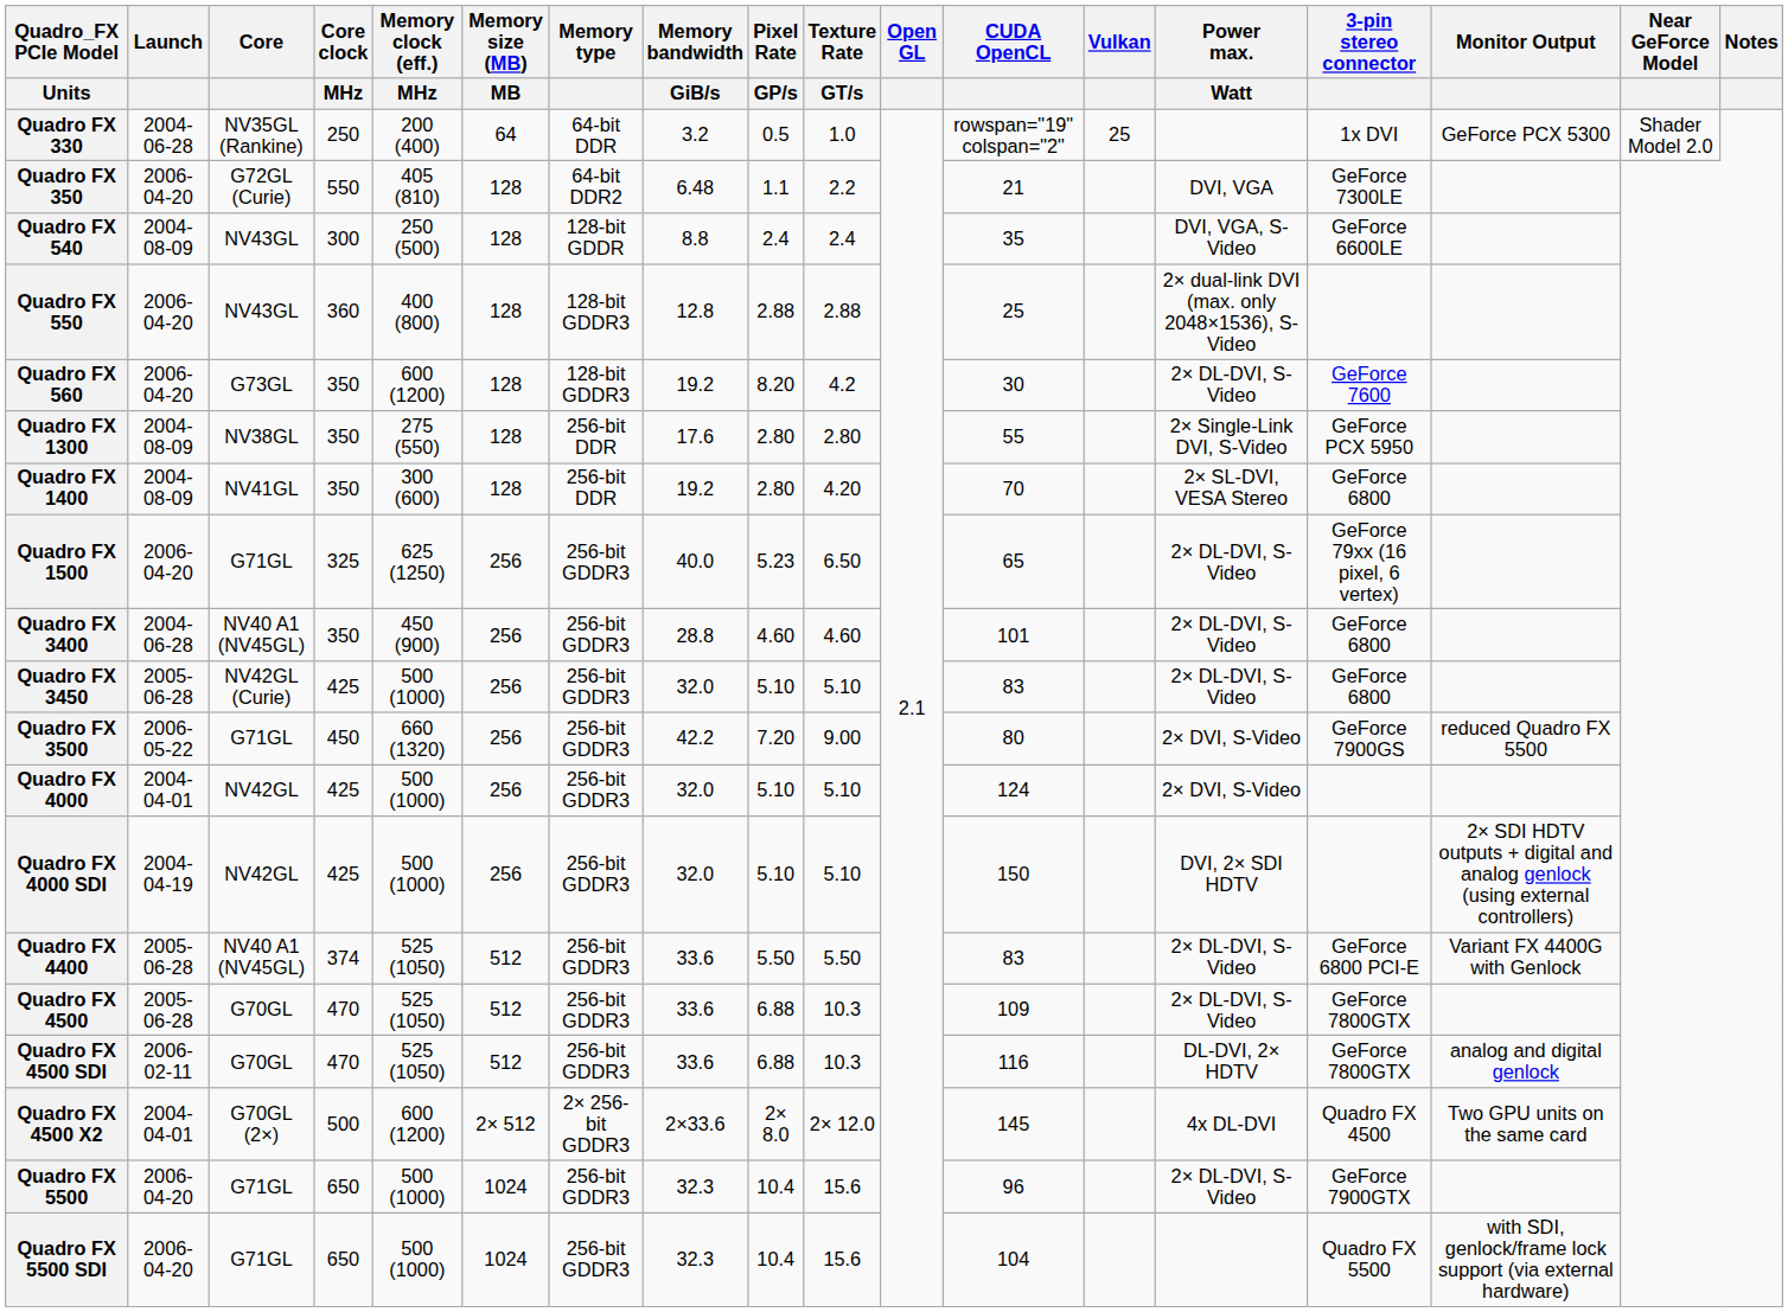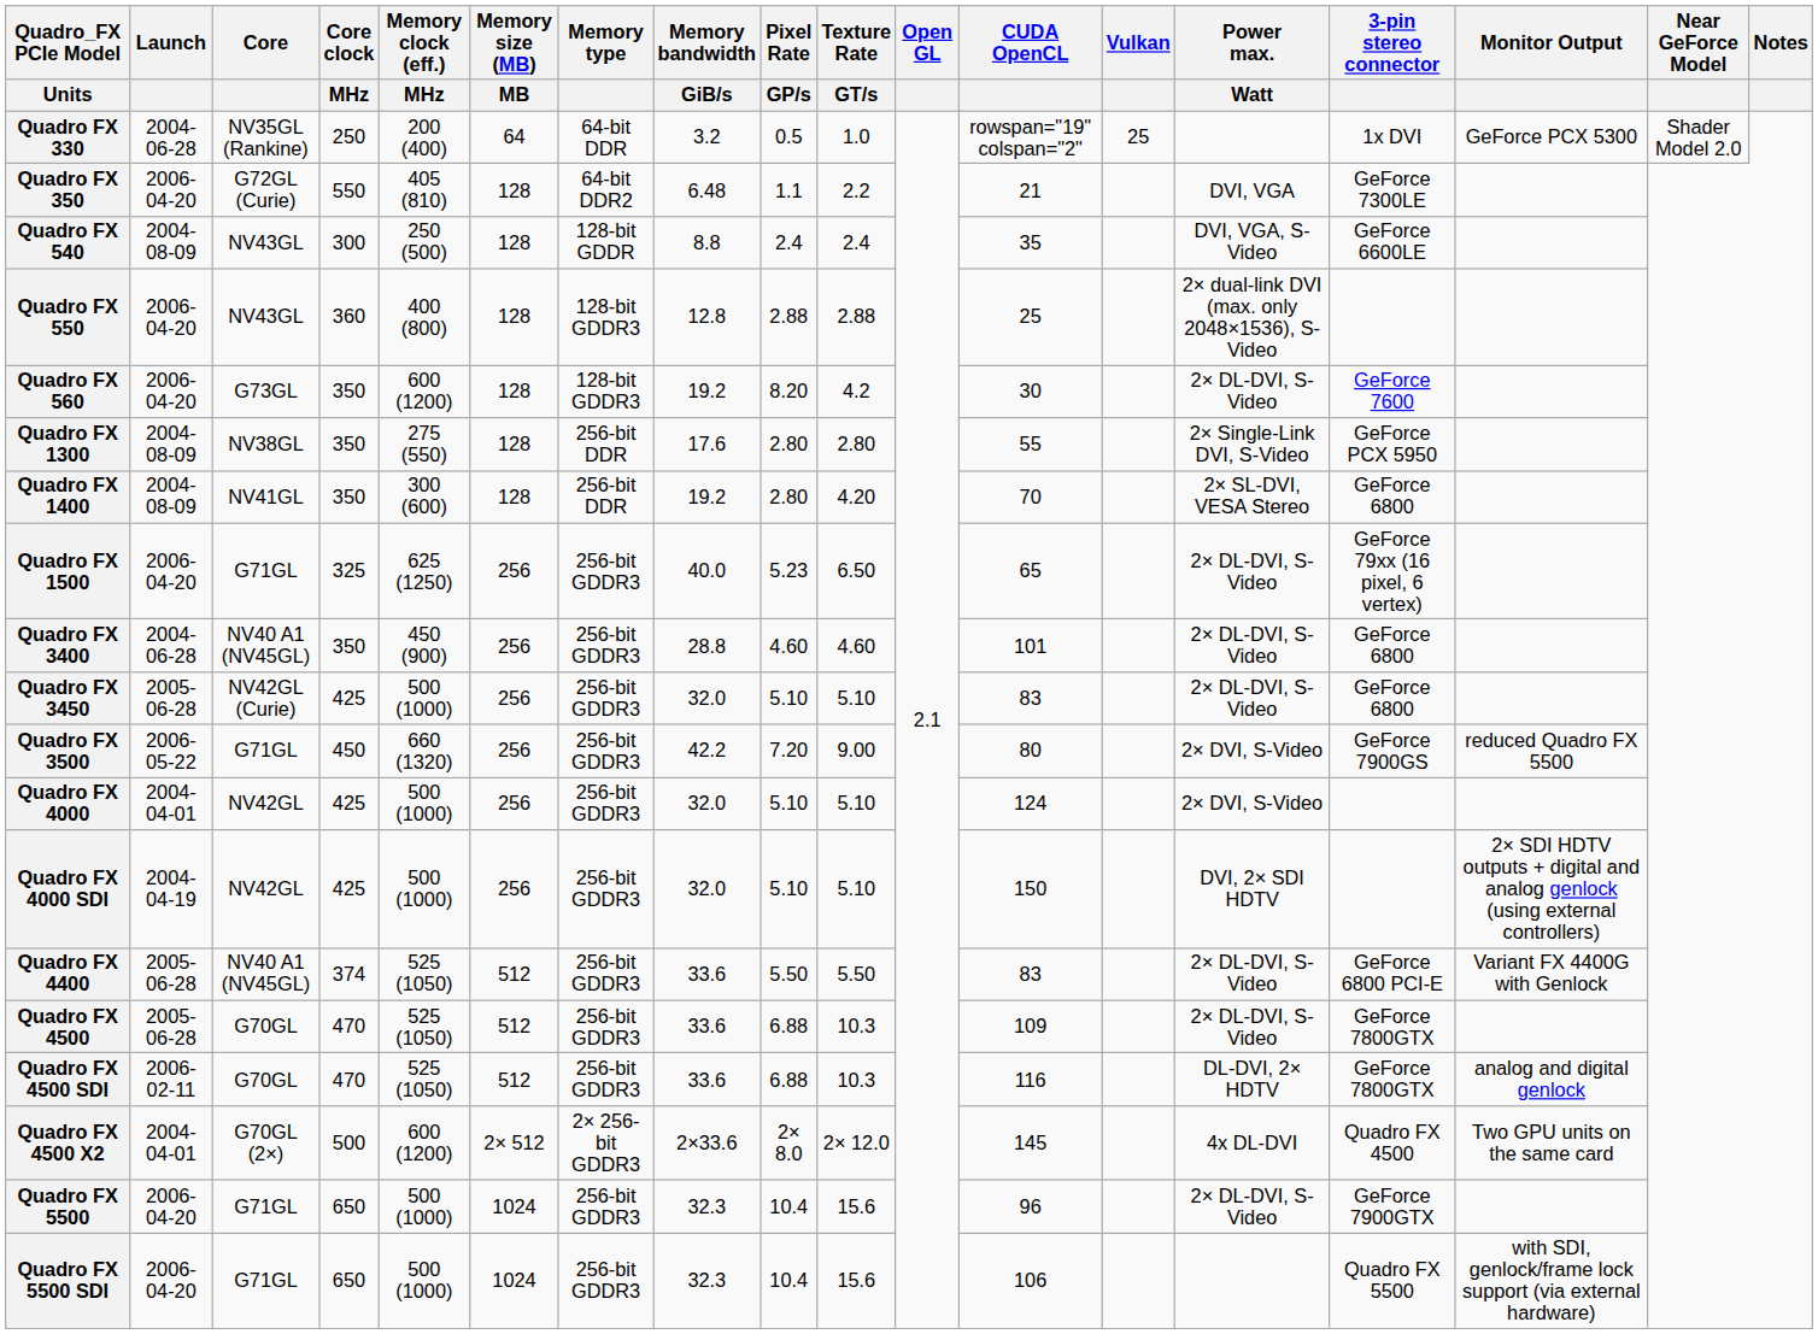 <table class="wikitable sortable" style="font-size:85%; text-align: center;">
 <tr>
 <th>Quadro_FX<br>PCIe Model</th>
 <th>Launch</th>
 <th>Core</th>
 <th>Core<br>clock<br></th>
 <th>Memory clock<br> (eff.)</th>
 <th>Memory size<br>(<a href='#'>MB</a>)</th>
 <th>Memory type</th>
 <th>Memory<br>bandwidth<br></th>
 <th>Pixel<br>Rate</th>
 <th>Texture<br>Rate</th>
 <th><a href='#'>Open GL</a></th>
 <th><a href='#'>CUDA</a> <br> <a href='#'>OpenCL</a></th>
 <th><a href='#'>Vulkan</a></th>
 <th>Power<br>max.<br></th>
 <th><a href='#'>3-pin<br>stereo<br>connector</a></th>
 <th>Monitor Output</th>
 <th>Near GeForce Model</th>
 <th>Notes</th>
 </tr>
 <tr>
 <th>Units</th>
 <th></th>
 <th></th>
 <th>MHz</th>
 <th>MHz</th>
 <th>MB</th>
 <th></th>
 <th>GiB/s</th>
 <th>GP/s</th>
 <th>GT/s</th>
 <th></th>
 <th></th>
 <th></th>
 <th>Watt</th>
 <th></th>
 <th></th>
 <th></th>
 <th></th>
 </tr>
 <tr>
 <th>Quadro FX 330</th>
 <td>2004-06-28</td>
 <td>NV35GL (Rankine)</td>
 <td>250</td>
 <td>200 (400)</td>
 <td>64</td>
 <td>64-bit DDR</td>
 <td>3.2</td>
 <td>0.5</td>
 <td>1.0</td>
 <td rowspan="19">2.1</td>
 <td>rowspan="19" colspan="2" </td>
 <td>25</td>
 <td></td>
 <td>1x DVI</td>
 <td>GeForce PCX 5300</td>
 <td>Shader Model 2.0</td>
 </tr>
 <tr>
 <th>Quadro FX 350</th>
 <td>2006-04-20</td>
 <td>G72GL (Curie)</td>
 <td>550</td>
 <td>405 (810)</td>
 <td>128</td>
 <td>64-bit DDR2</td>
 <td>6.48</td>
 <td>1.1</td>
 <td>2.2</td>
 <td>21</td>
 <td></td>
 <td>DVI, VGA</td>
 <td>GeForce 7300LE</td>
 <td></td>
 </tr>
 <tr>
 <th>Quadro FX 540</th>
 <td>2004-08-09</td>
 <td>NV43GL</td>
 <td>300</td>
 <td>250 (500)</td>
 <td>128</td>
 <td>128-bit GDDR</td>
 <td>8.8</td>
 <td>2.4</td>
 <td>2.4</td>
 <td>35</td>
 <td></td>
 <td>DVI, VGA, S-Video</td>
 <td>GeForce 6600LE</td>
 <td></td>
 </tr>
 <tr>
 <th>Quadro FX 550</th>
 <td>2006-04-20</td>
 <td>NV43GL</td>
 <td>360</td>
 <td>400 (800)</td>
 <td>128</td>
 <td>128-bit GDDR3</td>
 <td>12.8</td>
 <td>2.88</td>
 <td>2.88</td>
 <td>25</td>
 <td></td>
 <td>2× dual-link DVI (max. only 2048×1536), S-Video</td>
 <td></td>
 <td></td>
 </tr>
 <tr>
 <th>Quadro FX 560</th>
 <td>2006-04-20</td>
 <td>G73GL</td>
 <td>350</td>
 <td>600 (1200)</td>
 <td>128</td>
 <td>128-bit GDDR3</td>
 <td>19.2</td>
 <td>8.20</td>
 <td>4.2</td>
 <td>30</td>
 <td></td>
 <td>2× DL-DVI, S-Video</td>
 <td><a href='#'>GeForce 7600</a></td>
 <td></td>
 </tr>
 <tr>
 <th>Quadro FX 1300</th>
 <td>2004-08-09</td>
 <td>NV38GL</td>
 <td>350</td>
 <td>275 (550)</td>
 <td>128</td>
 <td>256-bit DDR</td>
 <td>17.6</td>
 <td>2.80</td>
 <td>2.80</td>
 <td>55</td>
 <td></td>
 <td>2× Single-Link DVI, S-Video</td>
 <td>GeForce PCX 5950</td>
 <td></td>
 </tr>
 <tr>
 <th>Quadro FX 1400</th>
 <td>2004-08-09</td>
 <td>NV41GL</td>
 <td>350</td>
 <td>300 (600)</td>
 <td>128</td>
 <td>256-bit DDR</td>
 <td>19.2</td>
 <td>2.80</td>
 <td>4.20</td>
 <td>70</td>
 <td></td>
 <td>2× SL-DVI, VESA Stereo</td>
 <td>GeForce 6800</td>
 <td></td>
 </tr>
 <tr>
 <th>Quadro FX 1500</th>
 <td>2006-04-20</td>
 <td>G71GL</td>
 <td>325</td>
 <td>625 (1250)</td>
 <td>256</td>
 <td>256-bit GDDR3</td>
 <td>40.0</td>
 <td>5.23</td>
 <td>6.50</td>
 <td>65</td>
 <td></td>
 <td>2× DL-DVI, S-Video</td>
 <td>GeForce 79xx (16 pixel, 6 vertex)</td>
 <td></td>
 </tr>
 <tr>
 <th>Quadro FX 3400</th>
 <td>2004-06-28</td>
 <td>NV40 A1 (NV45GL)</td>
 <td>350</td>
 <td>450 (900)</td>
 <td>256</td>
 <td>256-bit GDDR3</td>
 <td>28.8</td>
 <td>4.60</td>
 <td>4.60</td>
 <td>101</td>
 <td></td>
 <td>2× DL-DVI, S-Video</td>
 <td>GeForce 6800</td>
 <td></td>
 </tr>
 <tr>
 <th>Quadro FX 3450</th>
 <td>2005-06-28</td>
 <td>NV42GL (Curie)</td>
 <td>425</td>
 <td>500 (1000)</td>
 <td>256</td>
 <td>256-bit GDDR3</td>
 <td>32.0</td>
 <td>5.10</td>
 <td>5.10</td>
 <td>83</td>
 <td></td>
 <td>2× DL-DVI, S-Video</td>
 <td>GeForce 6800</td>
 <td></td>
 </tr>
 <tr>
 <th>Quadro FX 3500</th>
 <td>2006-05-22</td>
 <td>G71GL</td>
 <td>450</td>
 <td>660 (1320)</td>
 <td>256</td>
 <td>256-bit GDDR3</td>
 <td>42.2</td>
 <td>7.20</td>
 <td>9.00</td>
 <td>80</td>
 <td></td>
 <td>2× DVI, S-Video</td>
 <td>GeForce 7900GS</td>
 <td>reduced Quadro FX 5500</td>
 </tr>
 <tr>
 <th>Quadro FX 4000</th>
 <td>2004-04-01</td>
 <td>NV42GL</td>
 <td>425</td>
 <td>500 (1000)</td>
 <td>256</td>
 <td>256-bit GDDR3</td>
 <td>32.0</td>
 <td>5.10</td>
 <td>5.10</td>
 <td>124</td>
 <td></td>
 <td>2× DVI, S-Video</td>
 <td></td>
 <td></td>
 </tr>
 <tr>
 <th>Quadro FX 4000 SDI</th>
 <td>2004-04-19</td>
 <td>NV42GL</td>
 <td>425</td>
 <td>500 (1000)</td>
 <td>256</td>
 <td>256-bit GDDR3</td>
 <td>32.0</td>
 <td>5.10</td>
 <td>5.10</td>
 <td>150</td>
 <td></td>
 <td>DVI, 2× SDI HDTV</td>
 <td></td>
 <td>2× SDI HDTV outputs + digital and analog <a href='#'>genlock</a> (using external controllers)</td>
 </tr>
 <tr>
 <th>Quadro FX 4400</th>
 <td>2005-06-28</td>
 <td>NV40 A1 (NV45GL)</td>
 <td>374</td>
 <td>525 (1050)</td>
 <td>512</td>
 <td>256-bit GDDR3</td>
 <td>33.6</td>
 <td>5.50</td>
 <td>5.50</td>
 <td>83</td>
 <td></td>
 <td>2× DL-DVI, S-Video</td>
 <td>GeForce 6800 PCI-E</td>
 <td>Variant FX 4400G with Genlock</td>
 </tr>
 <tr>
 <th>Quadro FX 4500</th>
 <td>2005-06-28</td>
 <td>G70GL</td>
 <td>470</td>
 <td>525 (1050)</td>
 <td>512</td>
 <td>256-bit GDDR3</td>
 <td>33.6</td>
 <td>6.88</td>
 <td>10.3</td>
 <td>109</td>
 <td></td>
 <td>2× DL-DVI, S-Video</td>
 <td>GeForce 7800GTX</td>
 <td></td>
 </tr>
 <tr>
 <th>Quadro FX 4500 SDI</th>
 <td>2006-02-11</td>
 <td>G70GL</td>
 <td>470</td>
 <td>525 (1050)</td>
 <td>512</td>
 <td>256-bit GDDR3</td>
 <td>33.6</td>
 <td>6.88</td>
 <td>10.3</td>
 <td>116</td>
 <td></td>
 <td>DL-DVI, 2× HDTV</td>
 <td>GeForce 7800GTX</td>
 <td>analog and digital <a href='#'>genlock</a></td>
 </tr>
 <tr>
 <th>Quadro FX 4500 X2</th>
 <td>2004-04-01</td>
 <td>G70GL (2×)</td>
 <td>500</td>
 <td>600 (1200)</td>
 <td>2× 512</td>
 <td>2× 256-bit GDDR3</td>
 <td>2×33.6</td>
 <td>2× 8.0</td>
 <td>2× 12.0</td>
 <td>145</td>
 <td></td>
 <td>4x DL-DVI</td>
 <td>Quadro FX 4500</td>
 <td>Two GPU units on the same card</td>
 </tr>
 <tr>
 <th>Quadro FX 5500</th>
 <td>2006-04-20</td>
 <td>G71GL</td>
 <td>650</td>
 <td>500 (1000)</td>
 <td>1024</td>
 <td>256-bit GDDR3</td>
 <td>32.3</td>
 <td>10.4</td>
 <td>15.6</td>
 <td>96</td>
 <td></td>
 <td>2× DL-DVI, S-Video</td>
 <td>GeForce 7900GTX</td>
 <td></td>
 </tr>
 <tr>
 <th>Quadro FX 5500 SDI</th>
 <td>2006-04-20</td>
 <td>G71GL</td>
 <td>650</td>
 <td>500 (1000)</td>
 <td>1024</td>
 <td>256-bit GDDR3</td>
 <td>32.3</td>
 <td>10.4</td>
 <td>15.6</td>
-<td>104</td>
+<td>106</td>
 <td></td>
 <td></td>
 <td>Quadro FX 5500</td>
 <td>with SDI, genlock/frame lock support (via external hardware)</td>
 </tr>
 </table>
